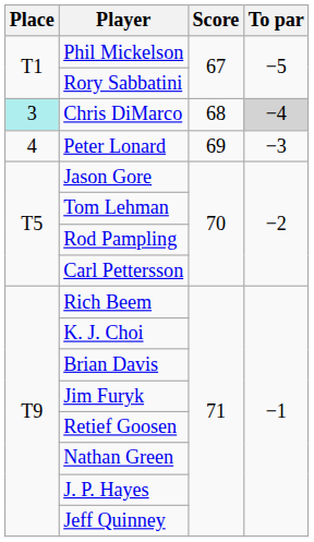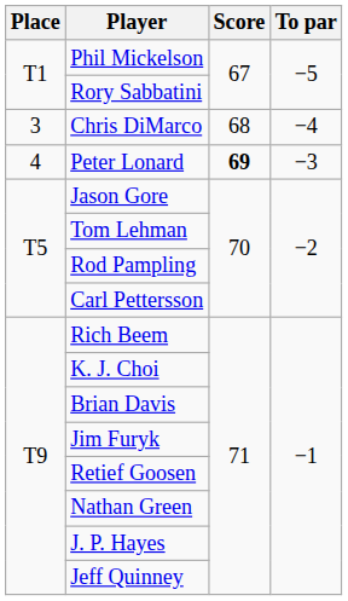 <table class="wikitable">
 <tr>
 <th>Place</th>
 <th>Player</th>
 <th>Score</th>
 <th>To par</th>
 </tr>
 <tr>
 <td rowspan="2" align=center>T1</td>
 <td> <a href='#'>Phil Mickelson</a></td>
 <td rowspan="2" align=center>67</td>
 <td rowspan="2" align=center>−5</td>
 </tr>
 <tr>
 <td> <a href='#'>Rory Sabbatini</a></td>
 </tr>
 <tr>
-<td align=center style="background: paleturquoise;">3</td>
+<td align=center>3</td>
 <td> <a href='#'>Chris DiMarco</a></td>
 <td align=center>68</td>
-<td align=center style="background: lightgrey;">−4</td>
+<td align=center>−4</td>
 </tr>
 <tr>
 <td align=center>4</td>
 <td> <a href='#'>Peter Lonard</a></td>
-<td align=center>69</td>
+<td align=center><strong>69</strong></td>
 <td align=center>−3</td>
 </tr>
 <tr>
 <td rowspan="4" align=center>T5</td>
 <td> <a href='#'>Jason Gore</a></td>
 <td rowspan="4" align=center>70</td>
 <td rowspan="4" align=center>−2</td>
 </tr>
 <tr>
 <td> <a href='#'>Tom Lehman</a></td>
 </tr>
 <tr>
 <td> <a href='#'>Rod Pampling</a></td>
 </tr>
 <tr>
 <td> <a href='#'>Carl Pettersson</a></td>
 </tr>
 <tr>
 <td rowspan="8" align=center>T9</td>
 <td> <a href='#'>Rich Beem</a></td>
 <td rowspan="8" align=center>71</td>
 <td rowspan="8" align=center>−1</td>
 </tr>
 <tr>
 <td> <a href='#'>K. J. Choi</a></td>
 </tr>
 <tr>
 <td> <a href='#'>Brian Davis</a></td>
 </tr>
 <tr>
 <td> <a href='#'>Jim Furyk</a></td>
 </tr>
 <tr>
 <td> <a href='#'>Retief Goosen</a></td>
 </tr>
 <tr>
 <td> <a href='#'>Nathan Green</a></td>
 </tr>
 <tr>
 <td> <a href='#'>J. P. Hayes</a></td>
 </tr>
 <tr>
 <td> <a href='#'>Jeff Quinney</a></td>
 </tr>
 </table>
